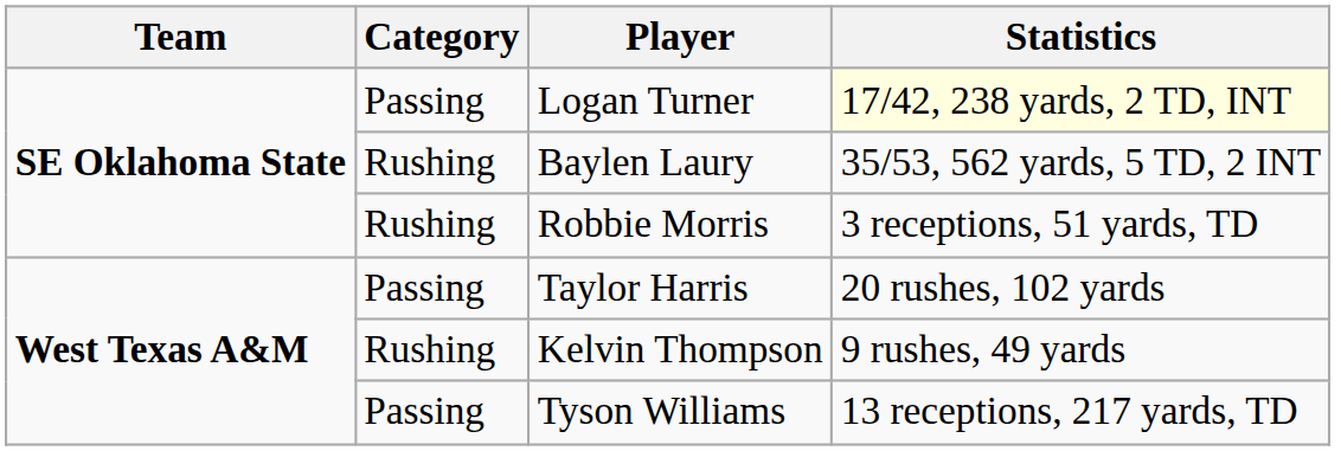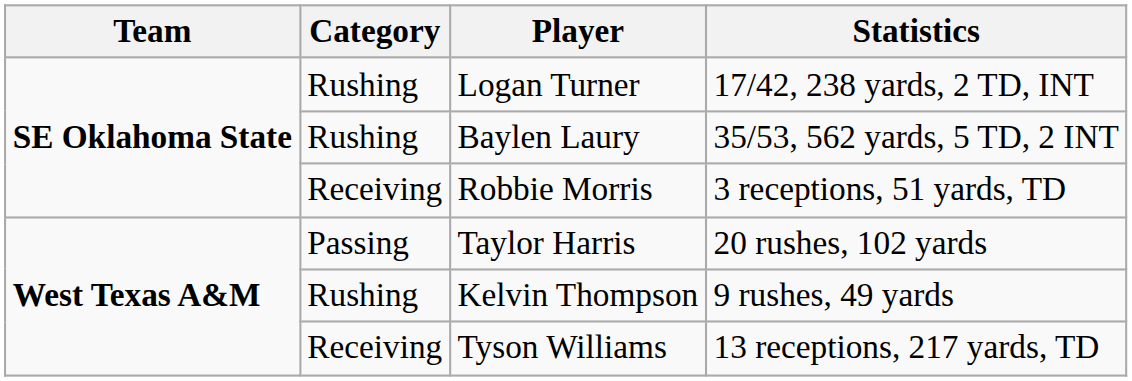 <table class="wikitable" style="float: left;">
 <tr>
 <th>Team</th>
 <th>Category</th>
 <th>Player</th>
 <th>Statistics</th>
 </tr>
 <tr>
 <td rowspan=3><strong>SE Oklahoma State</strong></td>
-<td>Passing</td>
+<td>Rushing</td>
 <td>Logan Turner</td>
-<td style="background: lightyellow;">17/42, 238 yards, 2 TD, INT</td>
+<td>17/42, 238 yards, 2 TD, INT</td>
 </tr>
 <tr>
 <td>Rushing</td>
 <td>Baylen Laury</td>
 <td>35/53, 562 yards, 5 TD, 2 INT</td>
 </tr>
 <tr>
-<td>Rushing</td>
+<td>Receiving</td>
 <td>Robbie Morris</td>
 <td>3 receptions, 51 yards, TD</td>
 </tr>
 <tr>
 <td rowspan=3><strong>West Texas A&M</strong></td>
 <td>Passing</td>
 <td>Taylor Harris</td>
 <td>20 rushes, 102 yards</td>
 </tr>
 <tr>
 <td>Rushing</td>
 <td>Kelvin Thompson</td>
 <td>9 rushes, 49 yards</td>
 </tr>
 <tr>
-<td>Passing</td>
+<td>Receiving</td>
 <td>Tyson Williams</td>
 <td>13 receptions, 217 yards, TD</td>
 </tr>
 </table>
